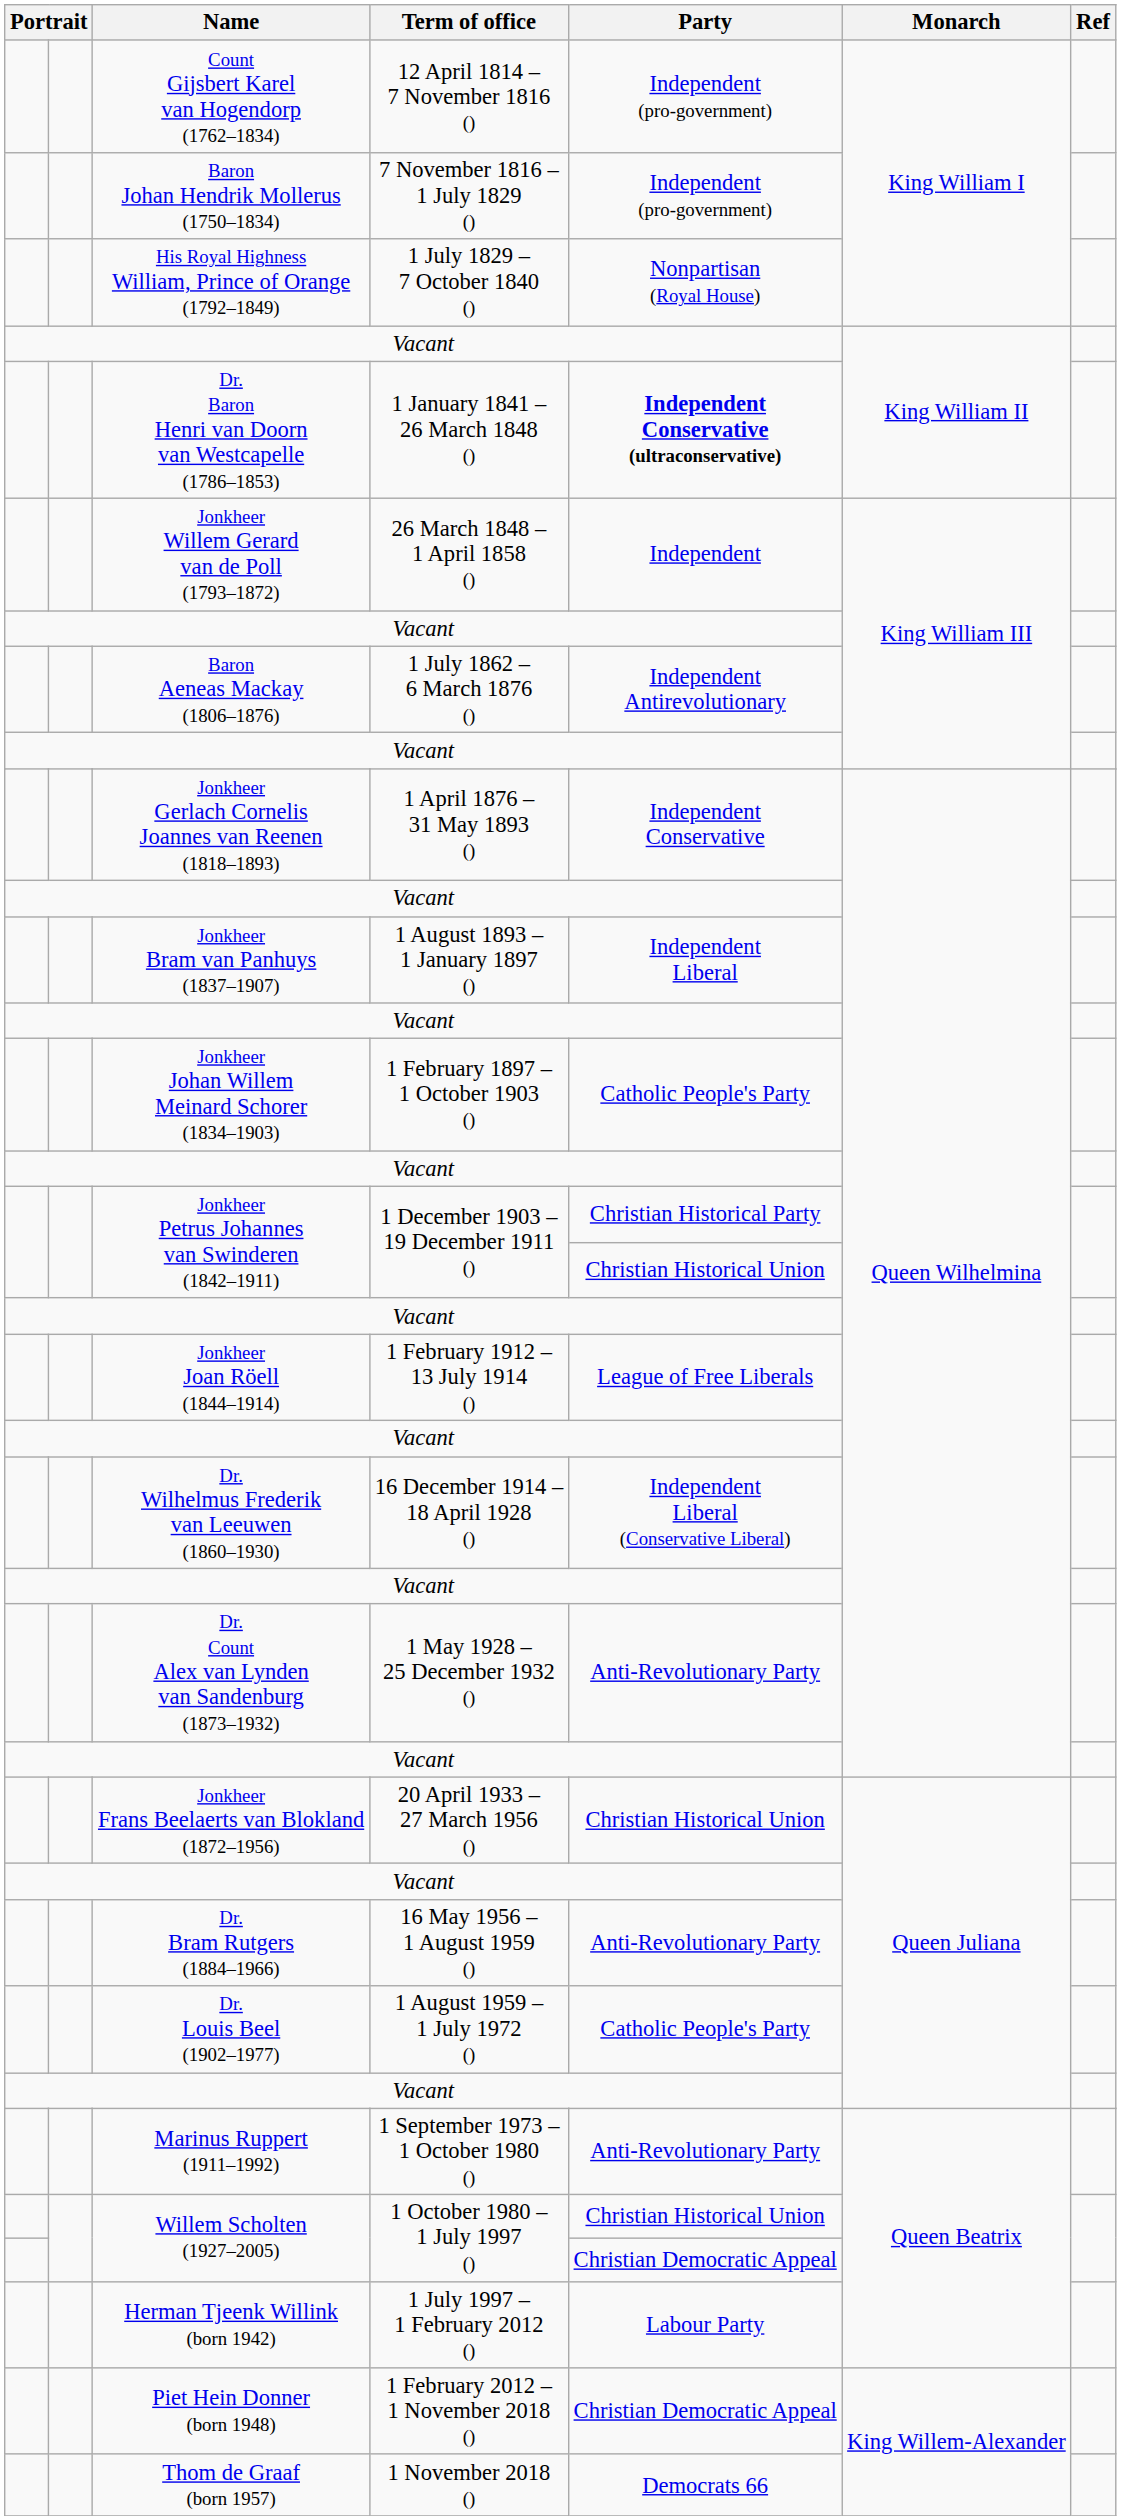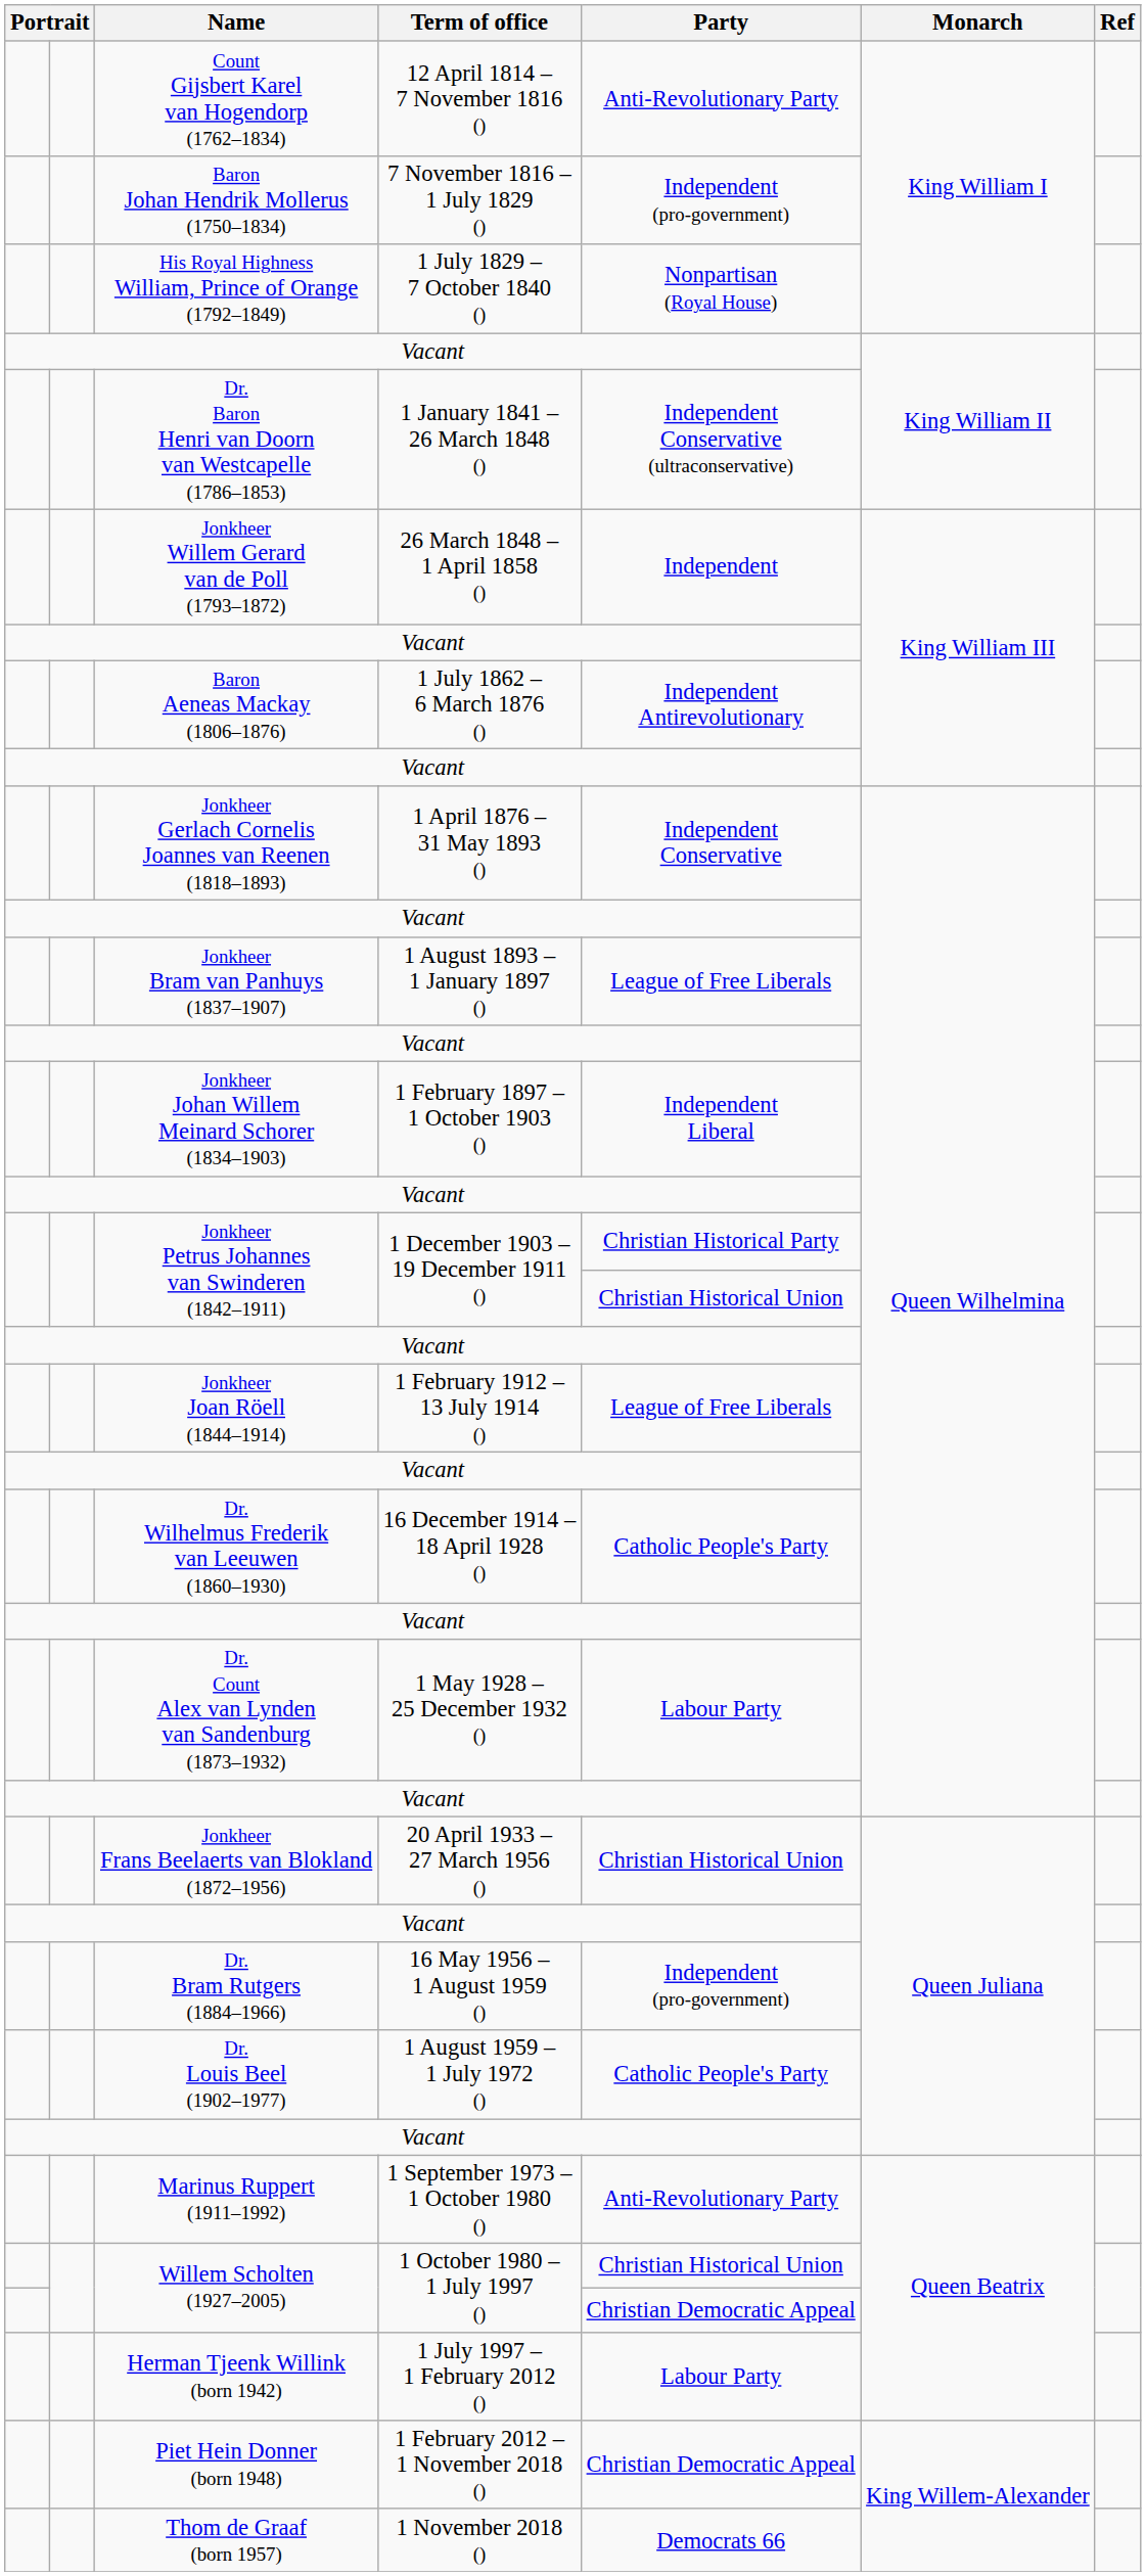 <table class="wikitable" style="text-align:center">
 <tr>
 <th colspan=2>Portrait</th>
 <th>Name</th>
 <th>Term of office</th>
 <th>Party</th>
 <th>Monarch</th>
 <th>Ref</th>
 </tr>
 <tr>
 <td style="background:"></td>
 <td></td>
 <td><small><a href='#'>Count</a></small> <br> <a href='#'>Gijsbert Karel <br> van Hogendorp</a> <br> <small>(1762–1834)</small></td>
 <td>12 April 1814 – <br> 7 November 1816 <br> <small>()</small></td>
-<td><a href='#'>Independent</a> <br> <small>(pro-government)</small></td>
+<td><a href='#'>Anti-Revolutionary Party</a></td>
 <td rowspan=3><a href='#'>King William I</a></td>
 <td></td>
 </tr>
 <tr>
 <td style="background:"></td>
 <td></td>
 <td><small><a href='#'>Baron</a></small> <br> <a href='#'>Johan Hendrik Mollerus</a> <br> <small>(1750–1834)</small></td>
 <td>7 November 1816 – <br> 1 July 1829 <br> <small>()</small></td>
 <td><a href='#'>Independent</a> <br> <small>(pro-government)</small></td>
 <td></td>
 </tr>
 <tr>
 <td style="background:"></td>
 <td></td>
 <td><small><a href='#'>His Royal Highness</a></small> <br> <a href='#'>William, Prince of Orange</a> <br> <small>(1792–1849)</small></td>
 <td>1 July 1829 – <br> 7 October 1840 <br> <small>()</small></td>
 <td><a href='#'>Nonpartisan</a> <br> <small>(<a href='#'>Royal House</a>)</small></td>
 <td></td>
 </tr>
 <tr>
 <td colspan=5><em>Vacant</em></td>
 <td rowspan=3><a href='#'>King William II</a></td>
 <td></td>
 </tr>
 <tr>
 <td style="background:"></td>
 <td></td>
 <td><small><a href='#'>Dr.</a></small> <br> <small><a href='#'>Baron</a></small> <br> <a href='#'>Henri van Doorn <br> van Westcapelle</a> <br> <small>(1786–1853)</small></td>
 <td>1 January 1841 – <br> 26 March 1848 <br> <small>()</small></td>
-<td><strong><a href='#'>Independent <br> Conservative</a> <br> <small>(ultraconservative)</small></strong></td>
+<td><a href='#'>Independent <br> Conservative</a> <br> <small>(ultraconservative)</small></td>
 <td></td>
 </tr>
 <tr>
 <td rowspan=2 style="background:"></td>
 <td rowspan=2></td>
 <td rowspan=2><small><a href='#'>Jonkheer</a></small> <br> <a href='#'>Willem Gerard <br> van de Poll</a> <br> <small>(1793–1872)</small></td>
 <td rowspan=2>26 March 1848 – <br> 1 April 1858 <br> <small>()</small></td>
 <td rowspan=2><a href='#'>Independent</a></td>
 <td rowspan=2></td>
 </tr>
 <tr>
 <td rowspan=5><a href='#'>King William III</a></td>
 </tr>
 <tr>
 <td colspan=5><em>Vacant</em></td>
 <td></td>
 </tr>
 <tr>
 <td style="background:"></td>
 <td></td>
 <td><small><a href='#'>Baron</a></small> <br> <a href='#'>Aeneas Mackay</a> <br> <small>(1806–1876)</small></td>
 <td>1 July 1862 – <br> 6 March 1876 <br> <small>()</small></td>
 <td><a href='#'>Independent <br> Antirevolutionary</a></td>
 <td></td>
 </tr>
 <tr>
 <td colspan=5><em>Vacant</em></td>
 <td></td>
 </tr>
 <tr>
 <td rowspan=2 style="background:"></td>
 <td rowspan=2></td>
 <td rowspan=2><small><a href='#'>Jonkheer</a></small> <br> <a href='#'>Gerlach Cornelis <br> Joannes van Reenen</a> <br> <small>(1818–1893)</small></td>
 <td rowspan=2>1 April 1876 – <br> 31 May 1893 <br> <small>()</small></td>
 <td rowspan=2><a href='#'>Independent <br> Conservative</a></td>
 <td rowspan=2></td>
 </tr>
 <tr>
 <td rowspan=16><a href='#'>Queen Wilhelmina</a></td>
 </tr>
 <tr>
 <td colspan=5><em>Vacant</em></td>
 <td></td>
 </tr>
 <tr>
 <td style="background:"></td>
 <td></td>
 <td><small><a href='#'>Jonkheer</a></small> <br> <a href='#'>Bram van Panhuys</a> <br> <small>(1837–1907)</small></td>
 <td>1 August 1893 – <br> 1 January 1897 <br> <small>()</small></td>
-<td><a href='#'>Independent <br> Liberal</a></td>
+<td><a href='#'>League of Free Liberals</a></td>
 <td></td>
 </tr>
 <tr>
 <td colspan=5><em>Vacant</em></td>
 <td></td>
 </tr>
 <tr>
 <td style="background:"></td>
 <td></td>
 <td><small><a href='#'>Jonkheer</a></small> <br> <a href='#'>Johan Willem <br> Meinard Schorer</a> <br> <small>(1834–1903)</small></td>
 <td>1 February 1897 – <br> 1 October 1903 <br> <small>()</small> <br> </td>
-<td><a href='#'>Catholic People's Party</a></td>
+<td><a href='#'>Independent <br> Liberal</a></td>
 <td></td>
 </tr>
 <tr>
 <td colspan=5><em>Vacant</em></td>
 <td></td>
 </tr>
 <tr>
 <td rowspan=2 style="background:"></td>
 <td rowspan=2></td>
 <td rowspan=2><small><a href='#'>Jonkheer</a></small> <br> <a href='#'>Petrus Johannes <br> van Swinderen</a> <br> <small>(1842–1911)</small></td>
 <td rowspan=2>1 December 1903 – <br> 19 December 1911 <br> <small>()</small> <br> </td>
 <td><a href='#'>Christian Historical Party</a><br></td>
 <td rowspan=2></td>
 </tr>
 <tr>
 <td><a href='#'>Christian Historical Union</a><br></td>
 </tr>
 <tr>
 <td colspan=5><em>Vacant</em></td>
 <td></td>
 </tr>
 <tr>
 <td style="background:"></td>
 <td></td>
 <td><small><a href='#'>Jonkheer</a></small> <br> <a href='#'>Joan Röell</a> <br> <small>(1844–1914)</small></td>
 <td>1 February 1912 – <br> 13 July 1914 <br> <small>()</small> <br> </td>
 <td><a href='#'>League of Free Liberals</a></td>
 <td></td>
 </tr>
 <tr>
 <td colspan=5><em>Vacant</em></td>
 <td></td>
 </tr>
 <tr>
 <td style="background:"></td>
 <td></td>
 <td><small><a href='#'>Dr.</a></small> <br> <a href='#'>Wilhelmus Frederik <br> van Leeuwen</a> <br> <small>(1860–1930)</small></td>
 <td>16 December 1914 – <br> 18 April 1928 <br> <small>()</small></td>
-<td><a href='#'>Independent <br> Liberal</a> <br> <small>(<a href='#'>Conservative Liberal</a>)</small></td>
+<td><a href='#'>Catholic People's Party</a></td>
 <td></td>
 </tr>
 <tr>
 <td colspan=5><em>Vacant</em></td>
 <td></td>
 </tr>
 <tr>
 <td style="background:"></td>
 <td></td>
 <td><small><a href='#'>Dr.</a></small> <br> <small><a href='#'>Count</a></small> <br> <a href='#'>Alex van Lynden <br> van Sandenburg</a> <br> <small>(1873–1932)</small></td>
 <td>1 May 1928 – <br> 25 December 1932 <br> <small>()</small> <br> </td>
-<td><a href='#'>Anti-Revolutionary Party</a></td>
+<td><a href='#'>Labour Party</a></td>
 <td></td>
 </tr>
 <tr>
 <td colspan=5><em>Vacant</em></td>
 <td></td>
 </tr>
 <tr>
 <td rowspan=2 style="background:"></td>
 <td rowspan=2></td>
 <td rowspan=2><small><a href='#'>Jonkheer</a></small> <br> <a href='#'>Frans Beelaerts van Blokland</a> <br> <small>(1872–1956)</small></td>
 <td rowspan=2>20 April 1933 – <br> 27 March 1956 <br> <small>()</small> <br> </td>
 <td rowspan=2><a href='#'>Christian Historical Union</a></td>
 <td rowspan=2></td>
 </tr>
 <tr>
 <td rowspan=6><a href='#'>Queen Juliana</a></td>
 </tr>
 <tr>
 <td colspan=5><em>Vacant</em></td>
 <td></td>
 </tr>
 <tr>
 <td style="background:"></td>
 <td></td>
 <td><small><a href='#'>Dr.</a></small> <br> <a href='#'>Bram Rutgers</a> <br> <small>(1884–1966)</small></td>
 <td>16 May 1956 – <br> 1 August 1959 <br> <small>()</small></td>
-<td><a href='#'>Anti-Revolutionary Party</a></td>
+<td><a href='#'>Independent</a> <br> <small>(pro-government)</small></td>
 <td></td>
 </tr>
 <tr>
 <td style="background:"></td>
 <td></td>
 <td><small><a href='#'>Dr.</a></small> <br> <a href='#'>Louis Beel</a> <br> <small>(1902–1977)</small></td>
 <td>1 August 1959 – <br> 1 July 1972 <br> <small>()</small></td>
 <td><a href='#'>Catholic People's Party</a></td>
 <td></td>
 </tr>
 <tr>
 <td colspan=5><em>Vacant</em></td>
 <td></td>
 </tr>
 <tr>
 <td rowspan=2 style="background:"></td>
 <td rowspan=2></td>
 <td rowspan=2><a href='#'>Marinus Ruppert</a> <br> <small>(1911–1992)</small></td>
 <td rowspan=2>1 September 1973 – <br> 1 October 1980 <br> <small>()</small></td>
 <td rowspan=2><a href='#'>Anti-Revolutionary Party</a></td>
 <td rowspan=2></td>
 </tr>
 <tr>
 <td rowspan=5><a href='#'>Queen Beatrix</a></td>
 </tr>
 <tr>
 <td style="background:"></td>
 <td rowspan=2></td>
 <td rowspan=2><a href='#'>Willem Scholten</a> <br> <small>(1927–2005)</small></td>
 <td rowspan=2>1 October 1980 – <br> 1 July 1997 <br> <small>()</small></td>
 <td><a href='#'>Christian Historical Union</a><br></td>
 <td rowspan=2></td>
 </tr>
 <tr>
 <td style="background:"></td>
 <td><a href='#'>Christian Democratic Appeal</a><br></td>
 </tr>
 <tr>
 <td style="background:"></td>
 <td></td>
 <td><a href='#'>Herman Tjeenk Willink</a> <br> <small>(born 1942)</small></td>
 <td>1 July 1997 – <br> 1 February 2012 <br> <small>()</small></td>
 <td><a href='#'>Labour Party</a></td>
 <td></td>
 </tr>
 <tr>
 <td rowspan=2 style="background:"></td>
 <td rowspan=2></td>
 <td rowspan=2><a href='#'>Piet Hein Donner</a> <br> <small>(born 1948)</small></td>
 <td rowspan=2>1 February 2012 – <br> 1 November 2018 <br> <small>()</small></td>
 <td rowspan=2><a href='#'>Christian Democratic Appeal</a></td>
 <td rowspan=2></td>
 </tr>
 <tr>
 <td rowspan=2><a href='#'>King Willem-Alexander</a></td>
 </tr>
 <tr>
 <td style="background:"></td>
 <td></td>
 <td><a href='#'>Thom de Graaf</a> <br> <small>(born 1957)</small></td>
 <td>1 November 2018 <br> <small>()</small></td>
 <td><a href='#'>Democrats 66</a></td>
 <td></td>
 </tr>
 </table>
